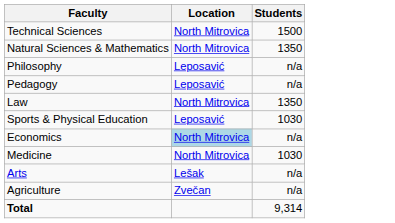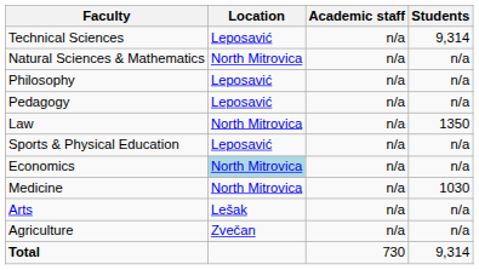 <table class="wikitable sortable">
 <tr>
 <th>Faculty</th>
 <th>Location</th>
+<th>Academic staff</th>
 <th>Students</th>
 </tr>
 <tr>
 <td>Technical Sciences</td>
-<td><a href='#'>North Mitrovica</a></td>
-<td style="text-align:right">1500</td>
+<td><a href='#'>Leposavić</a></td>
+<td style="text-align:right">n/a</td>
+<td style="text-align:right">9,314</td>
 </tr>
 <tr>
 <td>Natural Sciences & Mathematics</td>
 <td><a href='#'>North Mitrovica</a></td>
-<td style="text-align:right">1350</td>
+<td style="text-align:right">n/a</td>
+<td style="text-align:right">n/a</td>
 </tr>
 <tr>
 <td>Philosophy</td>
 <td><a href='#'>Leposavić</a></td>
+<td style="text-align:right">n/a</td>
 <td style="text-align:right">n/a</td>
 </tr>
 <tr>
 <td>Pedagogy</td>
 <td><a href='#'>Leposavić</a></td>
 <td style="text-align:right">n/a</td>
+<td style="text-align:right">n/a</td>
 </tr>
 <tr>
 <td>Law</td>
 <td><a href='#'>North Mitrovica</a></td>
+<td style="text-align:right">n/a</td>
 <td style="text-align:right">1350</td>
 </tr>
 <tr>
 <td>Sports & Physical Education</td>
 <td><a href='#'>Leposavić</a></td>
-<td style="text-align:right">1030</td>
+<td style="text-align:right">n/a</td>
+<td style="text-align:right">n/a</td>
 </tr>
 <tr>
 <td>Economics</td>
 <td style="background: lightblue;"><a href='#'>North Mitrovica</a></td>
 <td style="text-align:right">n/a</td>
+<td style="text-align:right">n/a</td>
 </tr>
 <tr>
 <td>Medicine</td>
 <td><a href='#'>North Mitrovica</a></td>
+<td style="text-align:right">n/a</td>
 <td style="text-align:right">1030</td>
 </tr>
 <tr>
 <td><a href='#'>Arts</a></td>
 <td><a href='#'>Lešak</a></td>
 <td style="text-align:right">n/a</td>
+<td style="text-align:right">n/a</td>
 </tr>
 <tr>
 <td>Agriculture</td>
 <td><a href='#'>Zvečan</a></td>
 <td style="text-align:right">n/a</td>
+<td style="text-align:right">n/a</td>
 </tr>
 <tr class="sortbottom">
 <td><strong>Total</strong></td>
 <td></td>
+<td style="text-align:right">730</td>
 <td style="text-align:right">9,314</td>
 </tr>
 </table>
